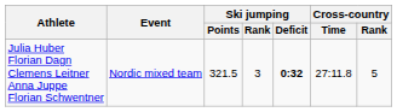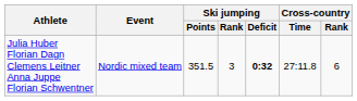 <table class="wikitable" style="font-size:90%">
 <tr>
 <th rowspan="2">Athlete</th>
 <th rowspan="2">Event</th>
 <th colspan="3">Ski jumping</th>
 <th colspan="2">Cross-country</th>
 </tr>
 <tr style="font-size:95%">
 <th>Points</th>
 <th>Rank</th>
 <th>Deficit</th>
 <th>Time</th>
 <th>Rank</th>
 </tr>
 <tr align=center>
 <td align=left><a href='#'>Julia Huber</a><br><a href='#'>Florian Dagn</a><br><a href='#'>Clemens Leitner</a><br><a href='#'>Anna Juppe</a><br><a href='#'>Florian Schwentner</a></td>
 <td align=left><a href='#'>Nordic mixed team</a></td>
-<td>321.5</td>
+<td>351.5</td>
 <td>3</td>
 <td><strong>0:32</strong></td>
 <td>27:11.8</td>
-<td>5</td>
+<td>6</td>
 </tr>
 </table>
